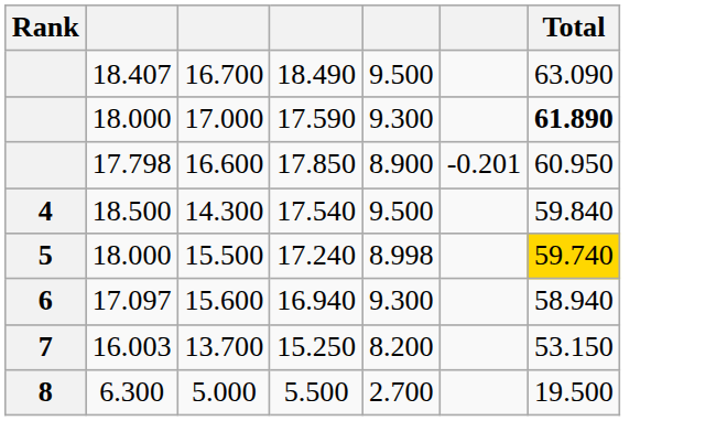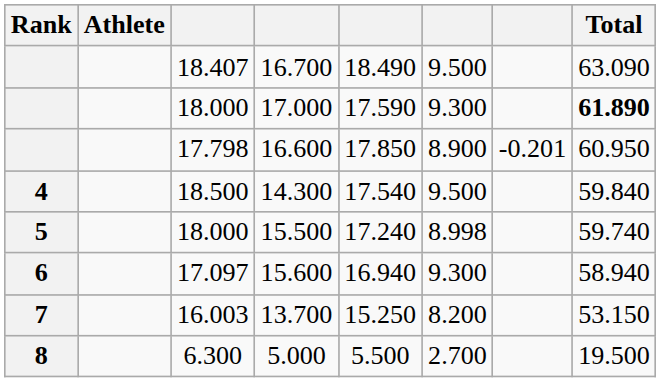 <table class="wikitable sortable" style="text-align:center;">
 <tr>
 <th>Rank</th>
+<th>Athlete</th>
 <th></th>
 <th></th>
 <th></th>
 <th></th>
 <th></th>
 <th>Total</th>
 </tr>
 <tr>
 <th></th>
+<td align=left></td>
 <td>18.407</td>
 <td>16.700</td>
 <td>18.490</td>
 <td>9.500</td>
 <td></td>
 <td>63.090</td>
 </tr>
 <tr>
 <th></th>
+<td align=left></td>
 <td>18.000</td>
 <td>17.000</td>
 <td>17.590</td>
 <td>9.300</td>
 <td></td>
 <td><strong>61.890</strong></td>
 </tr>
 <tr>
 <th></th>
+<td align=left></td>
 <td>17.798</td>
 <td>16.600</td>
 <td>17.850</td>
 <td>8.900</td>
 <td>-0.201</td>
 <td>60.950</td>
 </tr>
 <tr>
 <th>4</th>
+<td align=left></td>
 <td>18.500</td>
 <td>14.300</td>
 <td>17.540</td>
 <td>9.500</td>
 <td></td>
 <td>59.840</td>
 </tr>
 <tr>
 <th>5</th>
+<td align=left></td>
 <td>18.000</td>
 <td>15.500</td>
 <td>17.240</td>
 <td>8.998</td>
 <td></td>
-<td style="background: gold;">59.740</td>
+<td>59.740</td>
 </tr>
 <tr>
 <th>6</th>
+<td align=left></td>
 <td>17.097</td>
 <td>15.600</td>
 <td>16.940</td>
 <td>9.300</td>
 <td></td>
 <td>58.940</td>
 </tr>
 <tr>
 <th>7</th>
+<td align=left></td>
 <td>16.003</td>
 <td>13.700</td>
 <td>15.250</td>
 <td>8.200</td>
 <td></td>
 <td>53.150</td>
 </tr>
 <tr>
 <th>8</th>
+<td align=left></td>
 <td>6.300</td>
 <td>5.000</td>
 <td>5.500</td>
 <td>2.700</td>
 <td></td>
 <td>19.500</td>
 </tr>
 </table>
